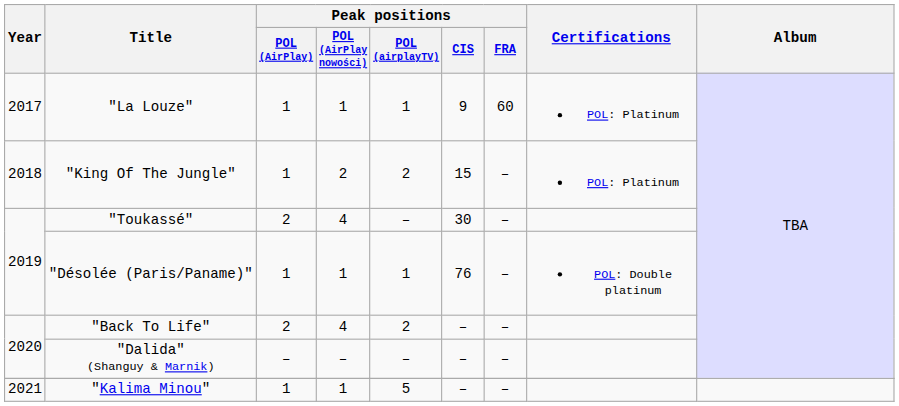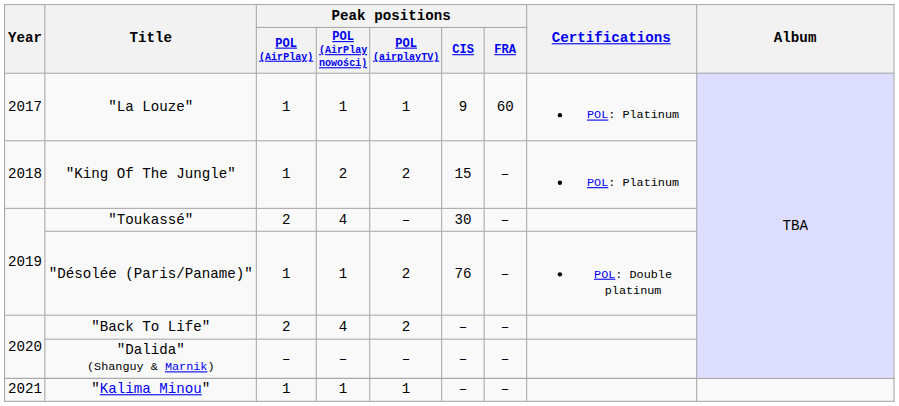 <table class="wikitable" style="text-align:center;">
 <tr>
 <th rowspan="2">Year</th>
 <th rowspan="2">Title</th>
 <th colspan="5">Peak positions</th>
 <th rowspan="2" width="150"><a href='#'>Certifications</a></th>
 <th rowspan="2" width="175">Album</th>
 </tr>
 <tr>
 <th style="width:3em;font-size:85%"><a href='#'>POL<br><small>(AirPlay)</small></a><br></th>
 <th style="width:3em;font-size:85%;"><a href='#'>POL<br><small>(AirPlay<br>nowości)</small></a><br></th>
 <th style="width:3em;font-size:85%"><a href='#'>POL</a><br><a href='#'><small>(airplay</small><small>TV)</small></a> </th>
 <th style="width:3em;font-size:85%"><a href='#'>CIS</a><br></th>
 <th style="width:3em;font-size:85%"><a href='#'>FRA</a><br></th>
 </tr>
 <tr>
 <td>2017</td>
 <td>"La Louze"</td>
 <td>1</td>
 <td>1</td>
 <td>1</td>
 <td>9</td>
 <td>60</td>
 <td><br><ul><li><small><a href='#'>POL</a>: Platinum</small></li></ul></td>
 <td rowspan="6" style="background: #DDF">TBA</td>
 </tr>
 <tr>
 <td>2018</td>
 <td>"King Of The Jungle"</td>
 <td>1</td>
 <td>2</td>
 <td>2</td>
 <td>15</td>
 <td>–</td>
 <td><br><ul><li><small><a href='#'>POL</a>: Platinum</small></li></ul></td>
 </tr>
 <tr>
 <td rowspan="2">2019</td>
 <td>"Toukassé"</td>
 <td>2</td>
 <td>4</td>
 <td>–</td>
 <td>30</td>
 <td>–</td>
 <td></td>
 </tr>
 <tr>
 <td>"Désolée (Paris/Paname)"</td>
 <td>1</td>
 <td>1</td>
-<td>1</td>
+<td>2</td>
 <td>76</td>
 <td>–</td>
 <td><br><ul><li><small><a href='#'>POL</a>: Double platinum</small></li></ul></td>
 </tr>
 <tr>
 <td rowspan="2">2020</td>
 <td>"Back To Life"</td>
 <td>2</td>
 <td>4</td>
 <td>2</td>
 <td>–</td>
 <td>–</td>
 <td></td>
 </tr>
 <tr>
 <td>"Dalida"<br><small>(Shanguy & <a href='#'>Marnik</a>)</small></td>
 <td>–</td>
 <td>–</td>
 <td>–</td>
 <td>–</td>
 <td>–</td>
 <td></td>
 </tr>
 <tr>
 </tr>
 <tr>
 </tr>
 <tr>
 <td rowspan="1">2021</td>
 <td>"<a href='#'>Kalima Minou</a>"</td>
 <td>1</td>
 <td>1</td>
-<td>5</td>
+<td>1</td>
 <td>–</td>
 <td>–</td>
 <td></td>
 </tr>
 </table>
